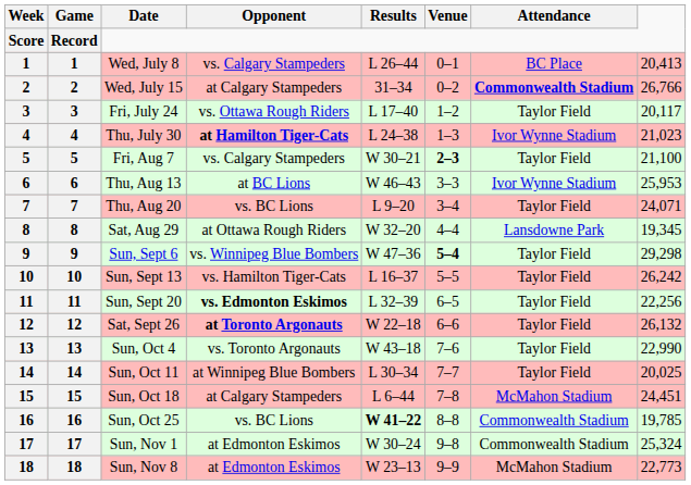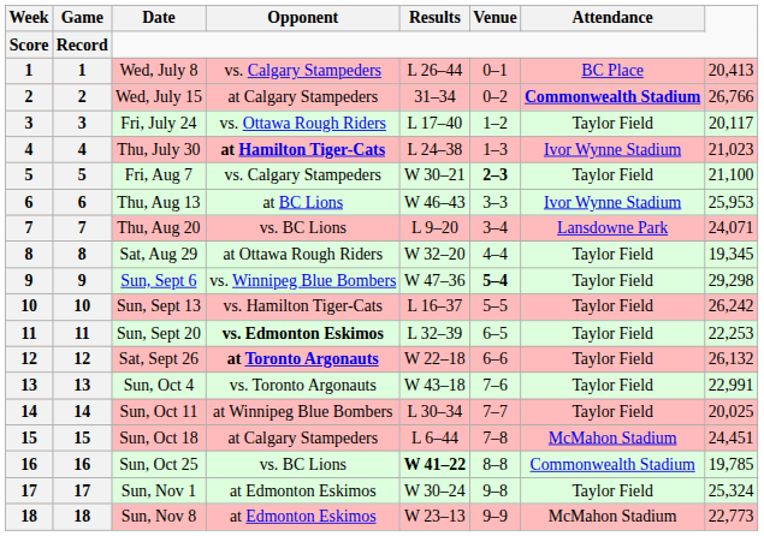 <table class="wikitable" style="text-align:center">
 <tr>
 <th>Week</th>
 <th>Game</th>
 <th>Date</th>
 <th>Opponent</th>
 <th>Results</th>
 <th>Venue</th>
 <th>Attendance</th>
 </tr>
 <tr>
 <th>Score</th>
 <th>Record</th>
 </tr>
 <tr style="background:#ffbbbb">
 <th>1</th>
 <th>1</th>
 <td>Wed, July 8</td>
 <td>vs. <a href='#'>Calgary Stampeders</a></td>
 <td>L 26–44</td>
 <td>0–1</td>
 <td><a href='#'>BC Place</a></td>
 <td>20,413</td>
 </tr>
 <tr style="background:#ffbbbb">
 <th>2</th>
 <th>2</th>
 <td>Wed, July 15</td>
 <td>at Calgary Stampeders</td>
 <td>31–34 </td>
 <td>0–2</td>
 <td><strong><a href='#'>Commonwealth Stadium</a></strong></td>
 <td>26,766</td>
 </tr>
 <tr style="background:#ddffdd">
 <th>3</th>
 <th>3</th>
 <td>Fri, July 24</td>
 <td>vs. <a href='#'>Ottawa Rough Riders</a></td>
 <td>L 17–40</td>
 <td>1–2</td>
 <td>Taylor Field</td>
 <td>20,117</td>
 </tr>
 <tr style="background:#ffbbbb">
 <th>4</th>
 <th>4</th>
 <td>Thu, July 30</td>
 <td><strong>at <a href='#'>Hamilton Tiger-Cats</a></strong></td>
 <td>L 24–38</td>
 <td>1–3</td>
 <td><a href='#'>Ivor Wynne Stadium</a></td>
 <td>21,023</td>
 </tr>
 <tr style="background:#ddffdd">
 <th>5</th>
 <th>5</th>
 <td>Fri, Aug 7</td>
 <td>vs. Calgary Stampeders</td>
 <td>W 30–21</td>
 <td><strong>2–3</strong></td>
 <td>Taylor Field</td>
 <td>21,100</td>
 </tr>
 <tr style="background:#ddffdd">
 <th>6</th>
 <th>6</th>
 <td>Thu, Aug 13</td>
 <td>at <a href='#'>BC Lions</a></td>
 <td>W 46–43 </td>
 <td>3–3</td>
 <td><a href='#'>Ivor Wynne Stadium</a></td>
 <td>25,953</td>
 </tr>
 <tr style="background:#ffbbbb">
 <th>7</th>
 <th>7</th>
 <td>Thu, Aug 20</td>
 <td>vs. BC Lions</td>
 <td>L 9–20</td>
 <td>3–4</td>
-<td>Taylor Field</td>
+<td><a href='#'>Lansdowne Park</a></td>
 <td>24,071</td>
 </tr>
 <tr style="background:#ddffdd">
 <th>8</th>
 <th>8</th>
 <td>Sat, Aug 29</td>
 <td>at Ottawa Rough Riders</td>
 <td>W 32–20</td>
 <td>4–4</td>
-<td><a href='#'>Lansdowne Park</a></td>
+<td>Taylor Field</td>
 <td>19,345</td>
 </tr>
 <tr style="background:#ddffdd">
 <th>9</th>
 <th>9</th>
 <td><a href='#'>Sun, Sept 6</a></td>
 <td>vs. <a href='#'>Winnipeg Blue Bombers</a></td>
 <td>W 47–36</td>
 <td><strong>5–4</strong></td>
 <td>Taylor Field</td>
 <td>29,298</td>
 </tr>
 <tr style="background:#ffbbbb">
 <th>10</th>
 <th>10</th>
 <td>Sun, Sept 13</td>
 <td>vs. Hamilton Tiger-Cats</td>
 <td>L 16–37</td>
 <td>5–5</td>
 <td>Taylor Field</td>
 <td>26,242</td>
 </tr>
 <tr style="background:#ddffdd">
 <th>11</th>
 <th>11</th>
 <td>Sun, Sept 20</td>
 <td><strong>vs. Edmonton Eskimos</strong></td>
 <td>L 32–39</td>
 <td>6–5</td>
 <td>Taylor Field</td>
-<td>22,256</td>
+<td>22,253</td>
 </tr>
 <tr style="background:#ffbbbb">
 <th>12</th>
 <th>12</th>
 <td>Sat, Sept 26</td>
 <td><strong>at <a href='#'>Toronto Argonauts</a></strong></td>
 <td>W 22–18</td>
 <td>6–6</td>
 <td>Taylor Field</td>
 <td>26,132</td>
 </tr>
 <tr style="background:#ddffdd">
 <th>13</th>
 <th>13</th>
 <td>Sun, Oct 4</td>
 <td>vs. Toronto Argonauts</td>
 <td>W 43–18</td>
 <td>7–6</td>
 <td>Taylor Field</td>
-<td>22,990</td>
+<td>22,991</td>
 </tr>
 <tr style="background:#ffbbbb">
 <th>14</th>
 <th>14</th>
 <td>Sun, Oct 11</td>
 <td>at Winnipeg Blue Bombers</td>
 <td>L 30–34</td>
 <td>7–7</td>
 <td>Taylor Field</td>
 <td>20,025</td>
 </tr>
 <tr style="background:#ffbbbb">
 <th>15</th>
 <th>15</th>
 <td>Sun, Oct 18</td>
 <td>at Calgary Stampeders</td>
 <td>L 6–44</td>
 <td>7–8</td>
 <td><a href='#'>McMahon Stadium</a></td>
 <td>24,451</td>
 </tr>
 <tr style="background:#ddffdd">
 <th>16</th>
 <th>16</th>
 <td>Sun, Oct 25</td>
 <td>vs. BC Lions</td>
 <td><strong>W 41–22</strong></td>
 <td>8–8</td>
 <td><a href='#'>Commonwealth Stadium</a></td>
 <td>19,785</td>
 </tr>
 <tr style="background:#ddffdd">
 <th>17</th>
 <th>17</th>
 <td>Sun, Nov 1</td>
 <td>at Edmonton Eskimos</td>
 <td>W 30–24</td>
 <td>9–8</td>
-<td>Commonwealth Stadium</td>
+<td>Taylor Field</td>
 <td>25,324</td>
 </tr>
 <tr style="background:#ffbbbb">
 <th>18</th>
 <th>18</th>
 <td>Sun, Nov 8</td>
 <td>at <a href='#'>Edmonton Eskimos</a></td>
 <td>W 23–13</td>
 <td>9–9</td>
 <td>McMahon Stadium</td>
 <td>22,773</td>
 </tr>
 </table>
